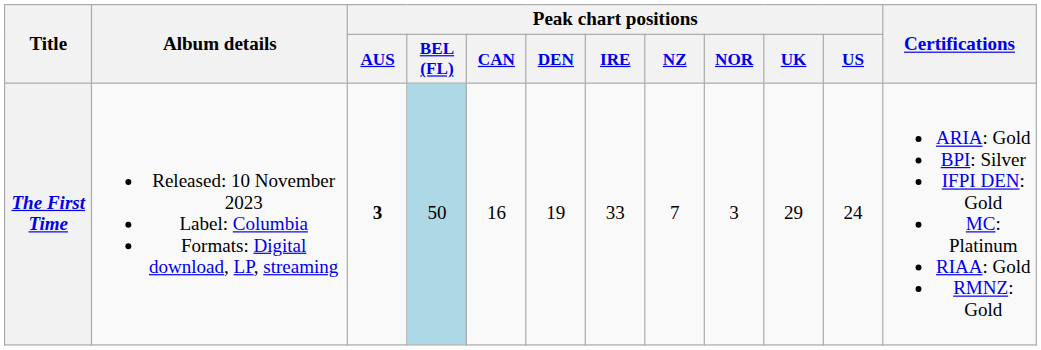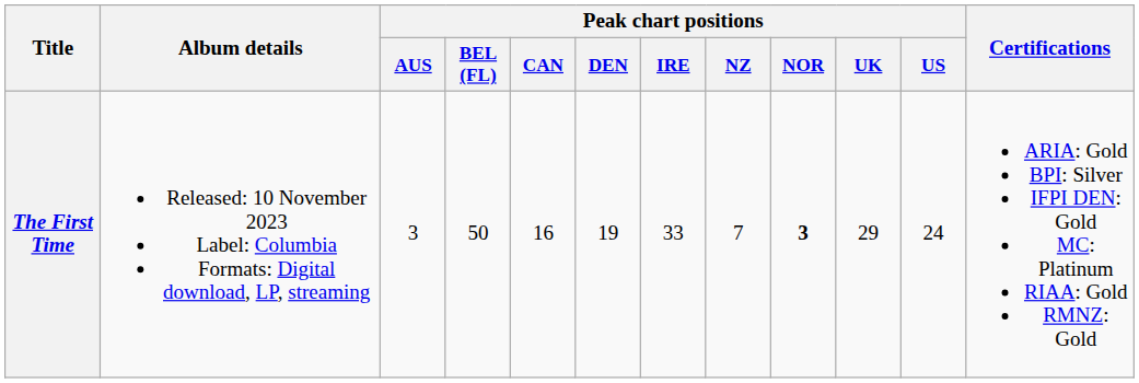 <table class="wikitable plainrowheaders" style="text-align:center;">
 <tr>
 <th scope="col" rowspan="2">Title</th>
 <th scope="col" rowspan="2">Album details</th>
 <th scope="col" colspan="9">Peak chart positions</th>
 <th scope="col" rowspan="2"><a href='#'>Certifications</a></th>
 </tr>
 <tr>
 <th scope="col" style="width:3em;font-size:90%;"><a href='#'>AUS</a><br></th>
 <th scope="col" style="width:3em;font-size:90%;"><a href='#'>BEL<br>(FL)</a><br></th>
 <th scope="col" style="width:3em;font-size:90%;"><a href='#'>CAN</a><br></th>
 <th scope="col" style="width:3em;font-size:90%;"><a href='#'>DEN</a><br></th>
 <th scope="col" style="width:3em;font-size:90%;"><a href='#'>IRE</a><br></th>
 <th scope="col" style="width:3em;font-size:90%;"><a href='#'>NZ</a><br></th>
 <th scope="col" style="width:3em;font-size:90%;"><a href='#'>NOR</a><br></th>
 <th scope="col" style="width:3em;font-size:90%;"><a href='#'>UK</a><br></th>
 <th scope="col" style="width:3em;font-size:90%;"><a href='#'>US</a><br></th>
 </tr>
 <tr>
 <th scope="row"><em><a href='#'>The First Time</a></em></th>
 <td><br><ul><li>Released: 10 November 2023</li><li>Label: <a href='#'>Columbia</a></li><li>Formats: <a href='#'>Digital download</a>, <a href='#'>LP</a>, <a href='#'>streaming</a></li></ul></td>
-<td><strong>3</strong></td>
-<td style="background: lightblue;">50</td>
+<td>3</td>
+<td>50</td>
 <td>16</td>
 <td>19</td>
 <td>33</td>
 <td>7</td>
-<td>3</td>
+<td><strong>3</strong></td>
 <td>29</td>
 <td>24</td>
 <td><br><ul><li><a href='#'>ARIA</a>: Gold</li><li><a href='#'>BPI</a>: Silver</li><li><a href='#'>IFPI DEN</a>: Gold</li><li><a href='#'>MC</a>: Platinum</li><li><a href='#'>RIAA</a>: Gold</li><li><a href='#'>RMNZ</a>: Gold</li></ul></td>
 </tr>
 </table>
